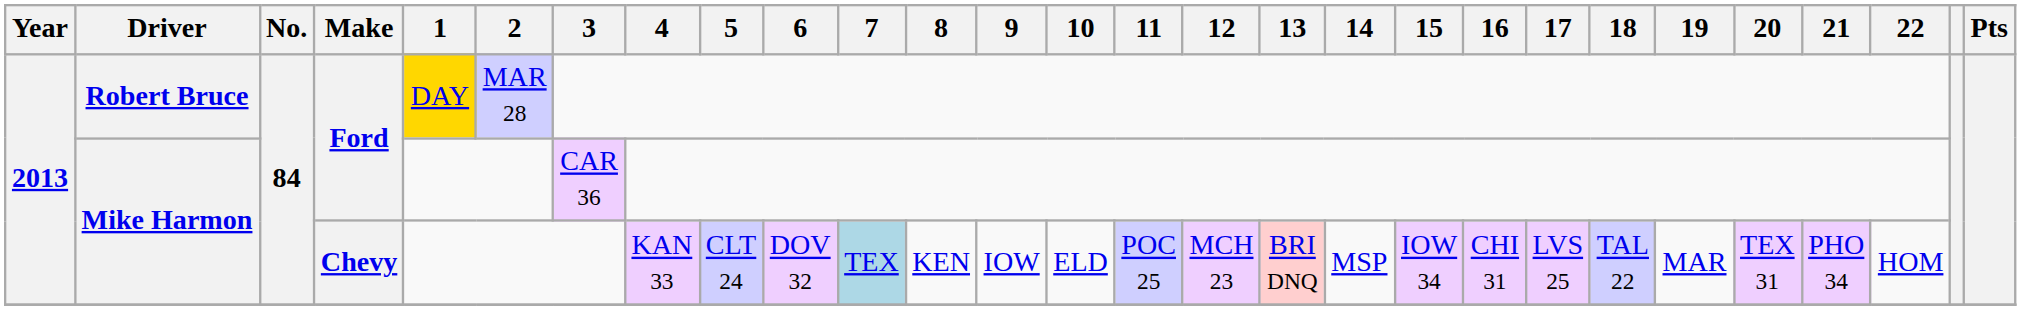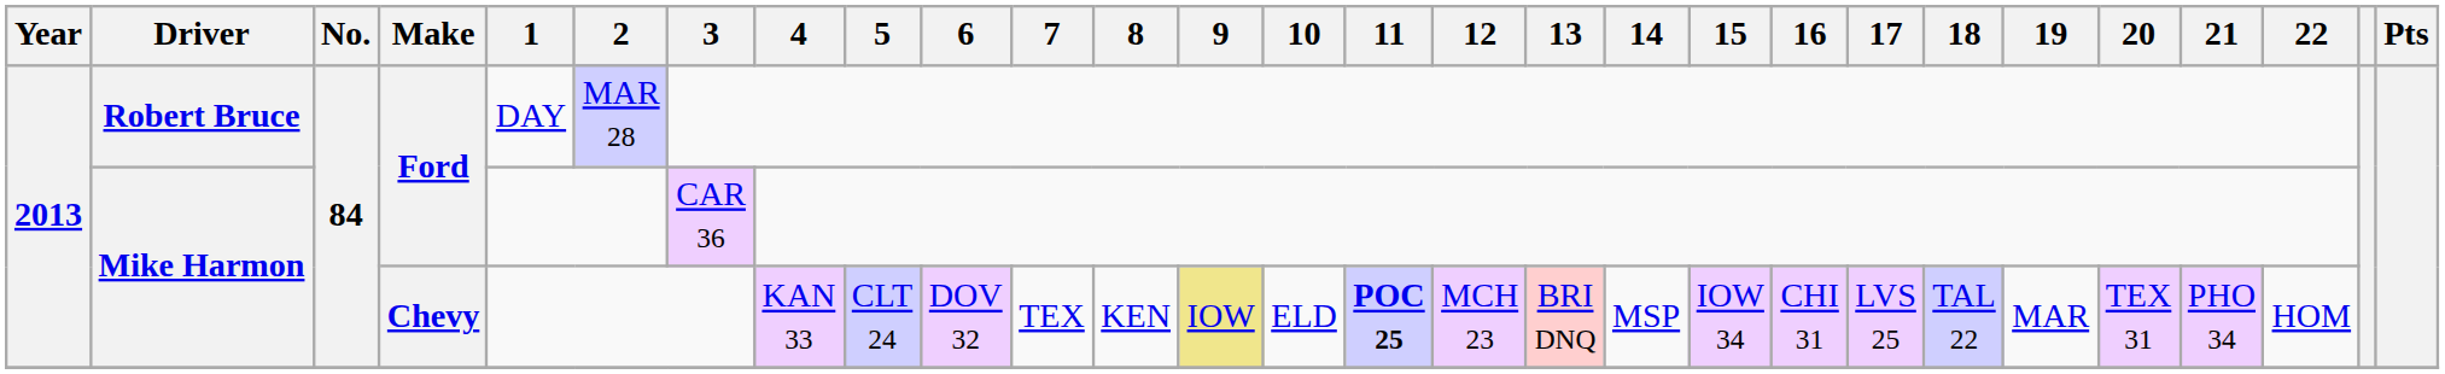 <table class="wikitable" style="text-align:center; font-size:75%">
 <tr>
 <th>Year</th>
 <th>Driver</th>
 <th>No.</th>
 <th>Make</th>
 <th>1</th>
 <th>2</th>
 <th>3</th>
 <th>4</th>
 <th>5</th>
 <th>6</th>
 <th>7</th>
 <th>8</th>
 <th>9</th>
 <th>10</th>
 <th>11</th>
 <th>12</th>
 <th>13</th>
 <th>14</th>
 <th>15</th>
 <th>16</th>
 <th>17</th>
 <th>18</th>
 <th>19</th>
 <th>20</th>
 <th>21</th>
 <th>22</th>
 <th></th>
 <th>Pts</th>
 </tr>
 <tr>
 <th rowspan=3><a href='#'>2013</a></th>
 <th><a href='#'>Robert Bruce</a></th>
 <th rowspan=3>84</th>
 <th rowspan=2><a href='#'>Ford</a></th>
-<td style="background: gold;"><a href='#'>DAY</a></td>
+<td><a href='#'>DAY</a></td>
 <td style="background:#CFCFFF;"><a href='#'>MAR</a><br><small>28</small></td>
 <td colspan=20></td>
 <th rowspan=3></th>
 <th rowspan=3></th>
 </tr>
 <tr>
 <th rowspan=2><a href='#'>Mike Harmon</a></th>
 <td colspan=2></td>
 <td style="background:#EFCFFF;"><a href='#'>CAR</a><br><small>36</small></td>
 <td colspan=19></td>
 </tr>
 <tr>
 <th><a href='#'>Chevy</a></th>
 <td colspan=3></td>
 <td style="background:#EFCFFF;"><a href='#'>KAN</a><br><small>33</small></td>
 <td style="background:#CFCFFF;"><a href='#'>CLT</a><br><small>24</small></td>
 <td style="background:#EFCFFF;"><a href='#'>DOV</a><br><small>32</small></td>
-<td style="background: lightblue;"><a href='#'>TEX</a></td>
+<td><a href='#'>TEX</a></td>
 <td><a href='#'>KEN</a></td>
-<td><a href='#'>IOW</a></td>
+<td style="background: khaki;"><a href='#'>IOW</a></td>
 <td><a href='#'>ELD</a></td>
-<td style="background:#CFCFFF;"><a href='#'>POC</a><br><small>25</small></td>
+<td style="background:#CFCFFF;"><strong><a href='#'>POC</a><br><small>25</small></strong></td>
 <td style="background:#EFCFFF;"><a href='#'>MCH</a><br><small>23</small></td>
 <td style="background:#FFCFCF;"><a href='#'>BRI</a><br><small>DNQ</small></td>
 <td><a href='#'>MSP</a></td>
 <td style="background:#EFCFFF;"><a href='#'>IOW</a><br><small>34</small></td>
 <td style="background:#EFCFFF;"><a href='#'>CHI</a><br><small>31</small></td>
 <td style="background:#EFCFFF;"><a href='#'>LVS</a><br><small>25</small></td>
 <td style="background:#CFCFFF;"><a href='#'>TAL</a><br><small>22</small></td>
 <td><a href='#'>MAR</a></td>
 <td style="background:#EFCFFF;"><a href='#'>TEX</a><br><small>31</small></td>
 <td style="background:#EFCFFF;"><a href='#'>PHO</a><br><small>34</small></td>
 <td><a href='#'>HOM</a></td>
 </tr>
 <tr>
 </tr>
 </table>
